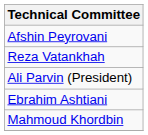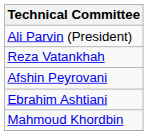 <table class="wikitable" "align: right;">
 <tr>
 <th>Technical Committee</th>
 </tr>
 <tr>
-<td> <a href='#'>Afshin Peyrovani</a></td>
+<td> <a href='#'>Ali Parvin</a> (President)</td>
 </tr>
 <tr>
 <td> <a href='#'>Reza Vatankhah</a></td>
 </tr>
 <tr>
-<td> <a href='#'>Ali Parvin</a> (President)</td>
+<td> <a href='#'>Afshin Peyrovani</a></td>
 </tr>
 <tr>
 <td> <a href='#'>Ebrahim Ashtiani</a></td>
 </tr>
 <tr>
 <td> <a href='#'>Mahmoud Khordbin</a></td>
 </tr>
 <tr>
 </tr>
 </table>
